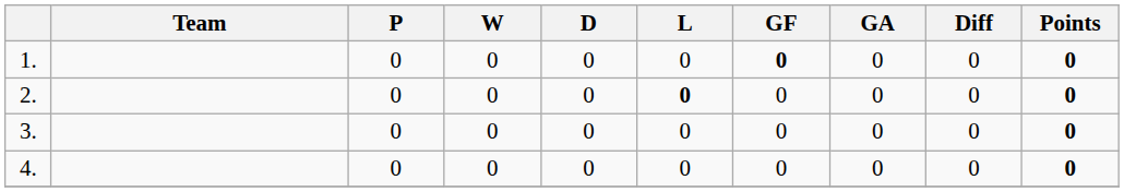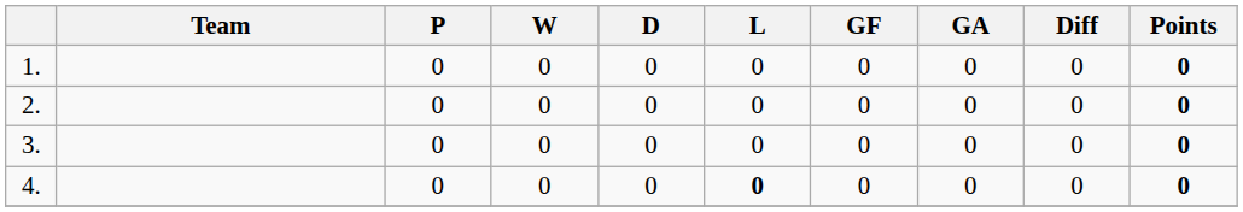 <table class=wikitable style="text-align:center">
 <tr bgcolor="#DCDCDC">
 <th width="25"></th>
 <th width="200">Team</th>
 <th width="60">P</th>
 <th width="60">W</th>
 <th width="60">D</th>
 <th width="60">L</th>
 <th width="60">GF</th>
 <th width="60">GA</th>
 <th width="60">Diff</th>
 <th width="60">Points</th>
 </tr>
 <tr>
 <td>1.</td>
 <td align=left></td>
 <td>0</td>
 <td>0</td>
 <td>0</td>
 <td>0</td>
-<td><strong>0</strong></td>
+<td>0</td>
 <td>0</td>
 <td>0</td>
 <td><strong>0</strong></td>
 </tr>
 <tr>
 <td>2.</td>
 <td align=left></td>
 <td>0</td>
 <td>0</td>
 <td>0</td>
-<td><strong>0</strong></td>
+<td>0</td>
 <td>0</td>
 <td>0</td>
 <td>0</td>
 <td><strong>0</strong></td>
 </tr>
 <tr>
 <td>3.</td>
 <td align=left></td>
 <td>0</td>
 <td>0</td>
 <td>0</td>
 <td>0</td>
 <td>0</td>
 <td>0</td>
 <td>0</td>
 <td><strong>0</strong></td>
 </tr>
 <tr>
 <td>4.</td>
 <td align=left></td>
 <td>0</td>
 <td>0</td>
 <td>0</td>
-<td>0</td>
+<td><strong>0</strong></td>
 <td>0</td>
 <td>0</td>
 <td>0</td>
 <td><strong>0</strong></td>
 </tr>
 <tr>
 </tr>
 </table>
